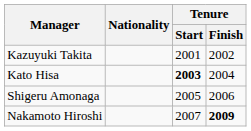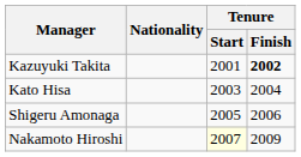 <table class="wikitable">
 <tr>
 <th rowspan="2">Manager</th>
 <th rowspan="2">Nationality</th>
 <th colspan="2">Tenure </th>
 </tr>
 <tr>
 <th>Start</th>
 <th>Finish </th>
 </tr>
 <tr>
 <td>Kazuyuki Takita</td>
 <td></td>
 <td>2001</td>
-<td>2002<br></td>
+<td><strong>2002<br></strong></td>
 </tr>
 <tr>
 <td>Kato Hisa</td>
 <td></td>
-<td><strong>2003</strong></td>
+<td>2003</td>
 <td>2004<br></td>
 </tr>
 <tr>
 <td>Shigeru Amonaga</td>
 <td></td>
 <td>2005</td>
 <td>2006<br></td>
 </tr>
 <tr>
 <td>Nakamoto Hiroshi</td>
 <td></td>
-<td>2007</td>
-<td><strong>2009<br></strong></td>
+<td style="background: lightyellow;">2007</td>
+<td>2009<br></td>
 </tr>
 </table>
